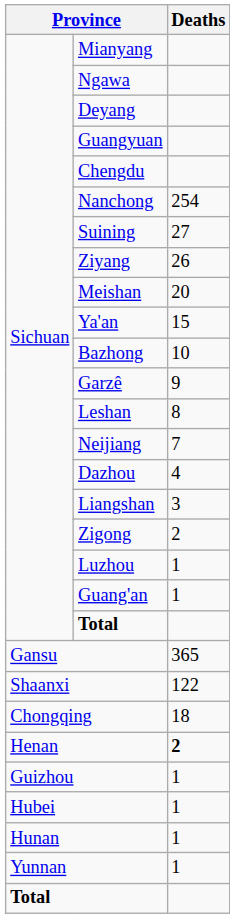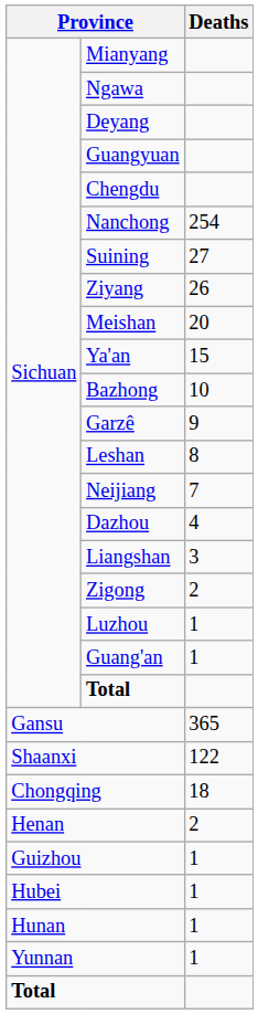 <table class="wikitable" style="margin:0 0 1em 1em; float:right; font-size:85%;">
 <tr>
 <th colspan="2"><a href='#'>Province</a></th>
 <th>Deaths</th>
 </tr>
 <tr>
 <td rowspan="20"><a href='#'>Sichuan</a></td>
 <td><a href='#'>Mianyang</a></td>
 <td></td>
 </tr>
 <tr>
 <td><a href='#'>Ngawa</a></td>
 <td></td>
 </tr>
 <tr>
 <td><a href='#'>Deyang</a></td>
 <td></td>
 </tr>
 <tr>
 <td><a href='#'>Guangyuan</a></td>
 <td></td>
 </tr>
 <tr>
 <td><a href='#'>Chengdu</a></td>
 <td></td>
 </tr>
 <tr>
 <td><a href='#'>Nanchong</a></td>
 <td>254</td>
 </tr>
 <tr>
 <td><a href='#'>Suining</a></td>
 <td>27</td>
 </tr>
 <tr>
 <td><a href='#'>Ziyang</a></td>
 <td>26</td>
 </tr>
 <tr>
 <td><a href='#'>Meishan</a></td>
 <td>20</td>
 </tr>
 <tr>
 <td><a href='#'>Ya'an</a></td>
 <td>15</td>
 </tr>
 <tr>
 <td><a href='#'>Bazhong</a></td>
 <td>10</td>
 </tr>
 <tr>
 <td><a href='#'>Garzê</a></td>
 <td>9</td>
 </tr>
 <tr>
 <td><a href='#'>Leshan</a></td>
 <td>8</td>
 </tr>
 <tr>
 <td><a href='#'>Neijiang</a></td>
 <td>7</td>
 </tr>
 <tr>
 <td><a href='#'>Dazhou</a></td>
 <td>4</td>
 </tr>
 <tr>
 <td><a href='#'>Liangshan</a></td>
 <td>3</td>
 </tr>
 <tr>
 <td><a href='#'>Zigong</a></td>
 <td>2</td>
 </tr>
 <tr>
 <td><a href='#'>Luzhou</a></td>
 <td>1</td>
 </tr>
 <tr>
 <td><a href='#'>Guang'an</a></td>
 <td>1</td>
 </tr>
 <tr>
 <td><strong>Total</strong></td>
 <td><strong></strong></td>
 </tr>
 <tr>
 <td colspan="2"><a href='#'>Gansu</a></td>
 <td>365</td>
 </tr>
 <tr>
 <td colspan="2"><a href='#'>Shaanxi</a></td>
 <td>122</td>
 </tr>
 <tr>
 <td colspan="2"><a href='#'>Chongqing</a></td>
 <td>18</td>
 </tr>
 <tr>
 <td colspan="2"><a href='#'>Henan</a></td>
-<td><strong>2</strong></td>
+<td>2</td>
 </tr>
 <tr>
 <td colspan="2"><a href='#'>Guizhou</a></td>
 <td>1</td>
 </tr>
 <tr>
 <td colspan="2"><a href='#'>Hubei</a></td>
 <td>1</td>
 </tr>
 <tr>
 <td colspan="2"><a href='#'>Hunan</a></td>
 <td>1</td>
 </tr>
 <tr>
 <td colspan="2"><a href='#'>Yunnan</a></td>
 <td>1</td>
 </tr>
 <tr>
 <td colspan="2"><strong>Total</strong></td>
 <td><strong></strong></td>
 </tr>
 </table>
